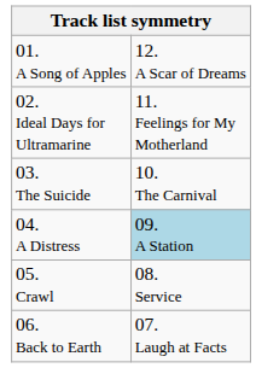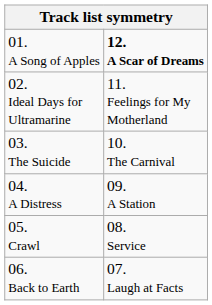 <table class="wikitable" style="float:right; clear:left;">
 <tr>
 <th colspan="2">Track list symmetry</th>
 </tr>
 <tr>
 <td>01. <br><small>A Song of Apples</small></td>
-<td>12. <br><small>A Scar of Dreams</small></td>
+<td><strong>12. <br><small>A Scar of Dreams</small></strong></td>
 </tr>
 <tr>
 <td>02. <br><small>Ideal Days for<br>Ultramarine</small></td>
 <td>11. <br><small>Feelings for My<br>Motherland</small></td>
 </tr>
 <tr>
 <td>03. <br><small>The Suicide</small></td>
 <td>10. <br><small>The Carnival</small></td>
 </tr>
 <tr>
 <td>04. <br><small>A Distress</small></td>
-<td style="background: lightblue;">09. <br><small>A Station</small></td>
+<td>09. <br><small>A Station</small></td>
 </tr>
 <tr>
 <td>05. <br><small>Crawl</small></td>
 <td>08. <br><small>Service</small></td>
 </tr>
 <tr>
 <td>06. <br><small>Back to Earth</small></td>
 <td>07. <br><small>Laugh at Facts</small></td>
 </tr>
 </table>
